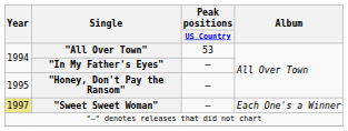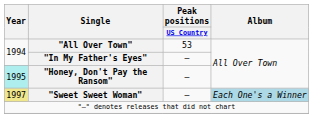 <table class="wikitable plainrowheaders" style="text-align:center;">
 <tr>
 <th rowspan="2">Year</th>
 <th rowspan="2" style="width:16em;">Single</th>
 <th>Peak positions</th>
 <th rowspan="2">Album</th>
 </tr>
 <tr style="font-size:smaller;">
 <th width="65"><a href='#'>US Country</a></th>
 </tr>
 <tr>
 <td rowspan="2">1994</td>
 <th scope="row">"All Over Town"</th>
 <td>53</td>
 <td align="left" rowspan="3"><em>All Over Town</em></td>
 </tr>
 <tr>
 <th scope="row">"In My Father's Eyes"</th>
 <td>—</td>
 </tr>
 <tr>
-<td>1995</td>
+<td style="background: paleturquoise;">1995</td>
 <th scope="row">"Honey, Don't Pay the Ransom"</th>
 <td>—</td>
 </tr>
 <tr>
 <td style="background: khaki;">1997</td>
 <th scope="row">"Sweet Sweet Woman"</th>
 <td>—</td>
-<td align="left"><em>Each One's a Winner</em></td>
+<td align="left" style="background: lightblue;"><em>Each One's a Winner</em></td>
 </tr>
 <tr>
 <td colspan="4" style="font-size:8pt">"—" denotes releases that did not chart</td>
 </tr>
 <tr>
 </tr>
 </table>
